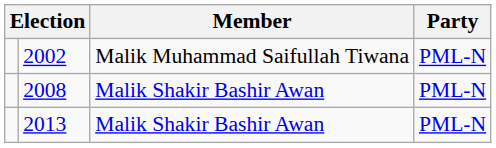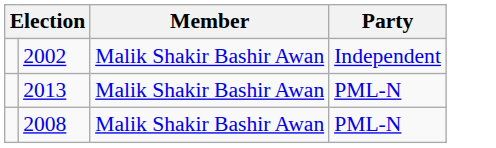 <table class="wikitable">
 <tr>
 <th colspan="2">Election</th>
 <th>Member</th>
 <th>Party</th>
 </tr>
 <tr>
 <td style="background-color: "></td>
 <td><a href='#'>2002</a></td>
-<td>Malik Muhammad Saifullah Tiwana</td>
+<td><a href='#'>Malik Shakir Bashir Awan</a></td>
+<td><a href='#'>Independent</a></td>
+</tr>
+<tr>
+<td style="background-color: "></td>
+<td><a href='#'>2013</a></td>
+<td><a href='#'>Malik Shakir Bashir Awan</a></td>
 <td><a href='#'>PML-N</a></td>
 </tr>
 <tr>
 <td style="background-color: "></td>
 <td><a href='#'>2008</a></td>
 <td><a href='#'>Malik Shakir Bashir Awan</a></td>
 <td><a href='#'>PML-N</a></td>
 </tr>
-<tr>
-<td style="background-color: "></td>
-<td><a href='#'>2013</a></td>
-<td><a href='#'>Malik Shakir Bashir Awan</a></td>
-<td><a href='#'>PML-N</a></td>
-</tr>
 </table>
